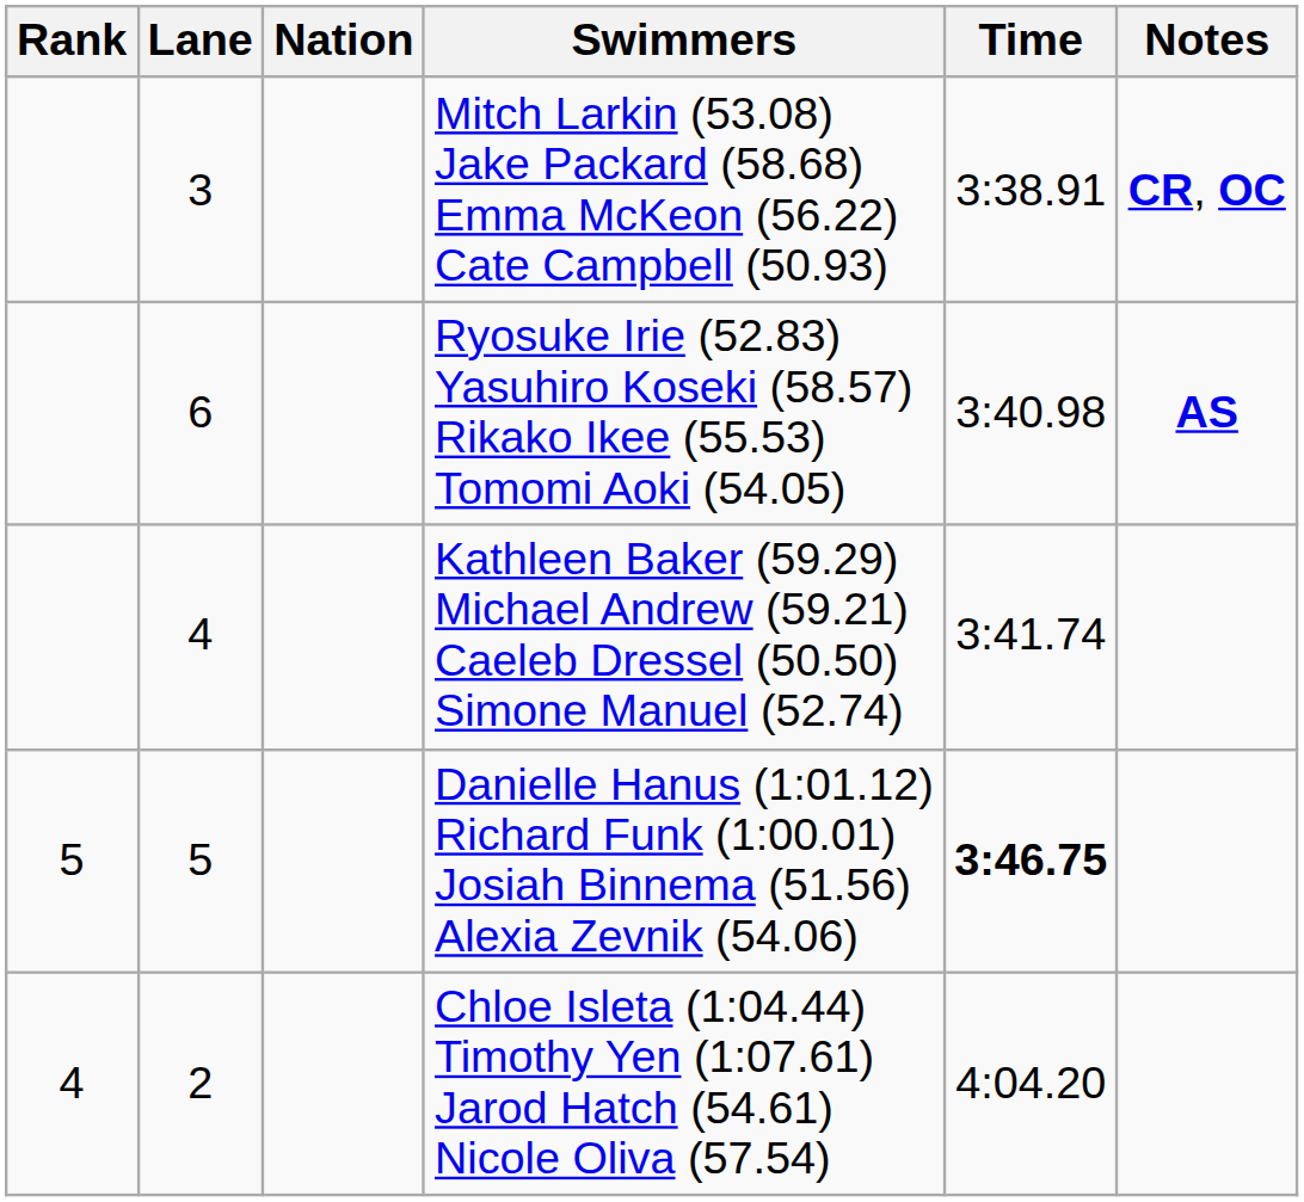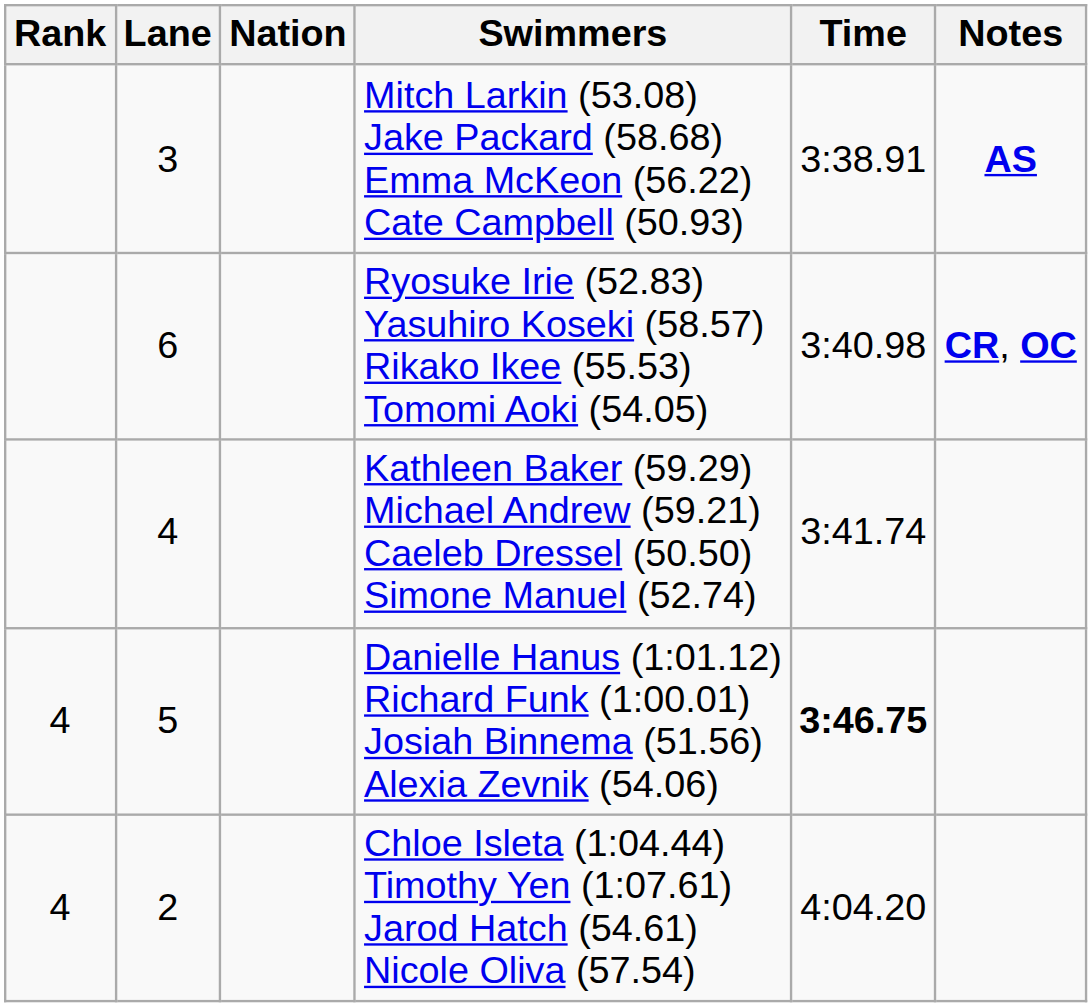 <table class="wikitable sortable" style="text-align:center">
 <tr>
 <th>Rank</th>
 <th>Lane</th>
 <th>Nation</th>
 <th>Swimmers</th>
 <th>Time</th>
 <th>Notes</th>
 </tr>
 <tr>
 <td></td>
 <td>3</td>
 <td align=left></td>
 <td align=left><a href='#'>Mitch Larkin</a> (53.08)<br><a href='#'>Jake Packard</a> (58.68)<br><a href='#'>Emma McKeon</a> (56.22)<br><a href='#'>Cate Campbell</a> (50.93)</td>
 <td>3:38.91</td>
-<td><strong><a href='#'>CR</a></strong>, <strong><a href='#'>OC</a></strong></td>
+<td><strong><a href='#'>AS</a></strong></td>
 </tr>
 <tr>
 <td></td>
 <td>6</td>
 <td align=left></td>
 <td align=left><a href='#'>Ryosuke Irie</a> (52.83)<br><a href='#'>Yasuhiro Koseki</a> (58.57)<br><a href='#'>Rikako Ikee</a> (55.53)<br><a href='#'>Tomomi Aoki</a> (54.05)</td>
 <td>3:40.98</td>
-<td><strong><a href='#'>AS</a></strong></td>
+<td><strong><a href='#'>CR</a></strong>, <strong><a href='#'>OC</a></strong></td>
 </tr>
 <tr>
 <td></td>
 <td>4</td>
 <td align=left></td>
 <td align=left><a href='#'>Kathleen Baker</a> (59.29)<br><a href='#'>Michael Andrew</a> (59.21)<br><a href='#'>Caeleb Dressel</a> (50.50)<br><a href='#'>Simone Manuel</a> (52.74)</td>
 <td>3:41.74</td>
 <td></td>
 </tr>
 <tr>
-<td>5</td>
+<td>4</td>
 <td>5</td>
 <td align=left></td>
 <td align=left><a href='#'>Danielle Hanus</a> (1:01.12)<br><a href='#'>Richard Funk</a> (1:00.01)<br><a href='#'>Josiah Binnema</a> (51.56)<br><a href='#'>Alexia Zevnik</a> (54.06)</td>
 <td><strong>3:46.75</strong></td>
 <td></td>
 </tr>
 <tr>
 <td>4</td>
 <td>2</td>
 <td align=left></td>
 <td align=left><a href='#'>Chloe Isleta</a> (1:04.44)<br><a href='#'>Timothy Yen</a> (1:07.61)<br><a href='#'>Jarod Hatch</a> (54.61)<br><a href='#'>Nicole Oliva</a> (57.54)</td>
 <td>4:04.20</td>
 <td></td>
 </tr>
 </table>
